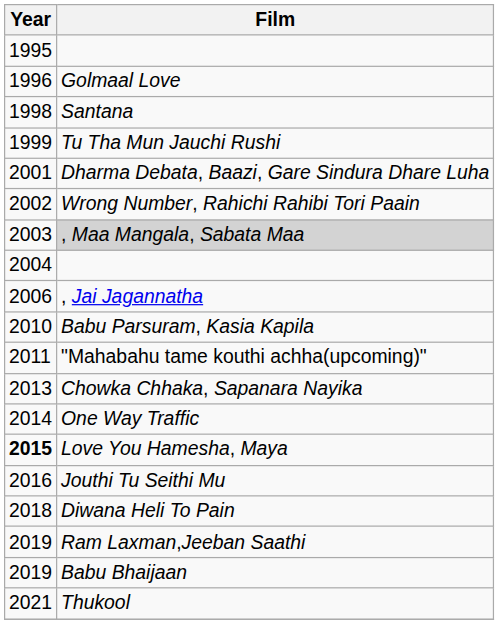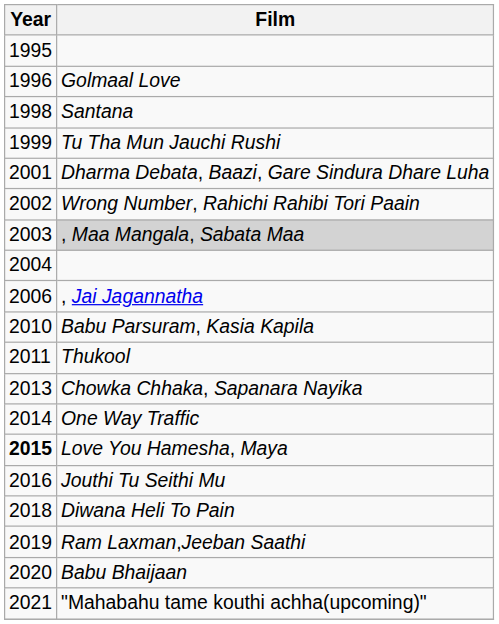 <table class="wikitable">
 <tr>
 <th>Year</th>
 <th>Film</th>
 </tr>
 <tr>
 <td>1995</td>
 <td><em></em></td>
 </tr>
 <tr>
 <td>1996</td>
 <td><em>Golmaal Love</em></td>
 </tr>
 <tr>
 <td>1998</td>
 <td><em>Santana</em></td>
 </tr>
 <tr>
 <td>1999</td>
 <td><em>Tu Tha Mun Jauchi Rushi</em></td>
 </tr>
 <tr>
 <td>2001</td>
 <td><em>Dharma Debata</em>, <em>Baazi</em>, <em>Gare Sindura Dhare Luha </em></td>
 </tr>
 <tr>
 <td>2002</td>
 <td><em>Wrong Number</em>, <em>Rahichi Rahibi Tori Paain</em></td>
 </tr>
 <tr>
 <td>2003</td>
 <td style="background: lightgrey;"><em></em>, <em>Maa Mangala</em>, <em>Sabata Maa</em></td>
 </tr>
 <tr>
 <td>2004</td>
 <td><em></em></td>
 </tr>
 <tr>
 <td>2006</td>
 <td><em></em>, <em><a href='#'>Jai Jagannatha</a></em></td>
 </tr>
 <tr>
 <td>2010</td>
 <td><em>Babu Parsuram</em>, <em>Kasia Kapila</em></td>
 </tr>
 <tr>
 <td>2011</td>
-<td>"Mahabahu tame kouthi achha(upcoming)"</td>
+<td><em>Thukool</em></td>
 </tr>
 <tr>
 <td>2013</td>
 <td><em>Chowka Chhaka</em>, <em>Sapanara Nayika</em></td>
 </tr>
 <tr>
 <td>2014</td>
 <td><em>One Way Traffic</em></td>
 </tr>
 <tr>
 <td><strong>2015</strong></td>
 <td><em>Love You Hamesha</em>, <em>Maya</em></td>
 </tr>
 <tr>
 <td>2016</td>
 <td><em>Jouthi Tu Seithi Mu</em></td>
 </tr>
 <tr>
 <td>2018</td>
 <td><em>Diwana Heli To Pain</em></td>
 </tr>
 <tr>
 <td>2019</td>
 <td><em>Ram Laxman</em>,<em>Jeeban Saathi</em></td>
 </tr>
 <tr>
-<td>2019</td>
+<td>2020</td>
 <td><em>Babu Bhaijaan</em></td>
 </tr>
 <tr>
 <td>2021</td>
-<td><em>Thukool</em></td>
+<td>"Mahabahu tame kouthi achha(upcoming)"</td>
 </tr>
 <tr>
 </tr>
 </table>
